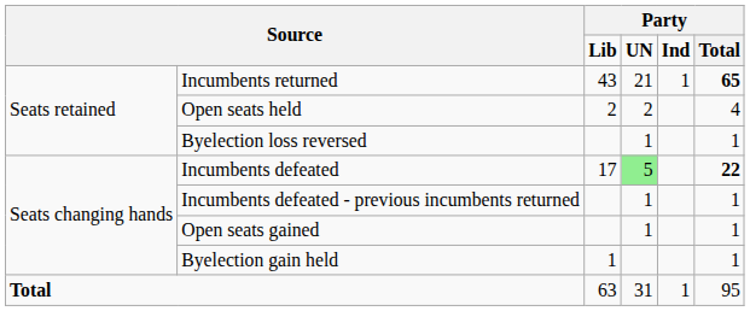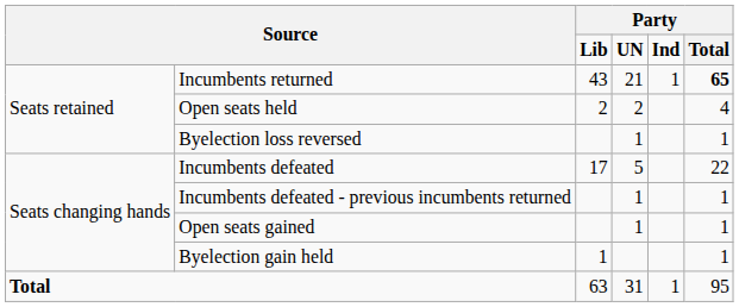 <table class="wikitable" style="text-align:right;">
 <tr>
 <th colspan="2" rowspan="2">Source</th>
 <th colspan="4">Party</th>
 </tr>
 <tr>
 <td><strong>Lib</strong></td>
 <td><strong>UN</strong></td>
 <td><strong>Ind</strong></td>
 <th>Total</th>
 </tr>
 <tr>
 <td rowspan="3" style="text-align:left;">Seats retained</td>
 <td style="text-align:left;">Incumbents returned</td>
 <td>43</td>
 <td>21</td>
 <td>1</td>
 <td><strong>65</strong></td>
 </tr>
 <tr>
 <td style="text-align:left;">Open seats held</td>
 <td>2</td>
 <td>2</td>
 <td></td>
 <td>4</td>
 </tr>
 <tr>
 <td style="text-align:left;">Byelection loss reversed</td>
 <td></td>
 <td>1</td>
 <td></td>
 <td>1</td>
 </tr>
 <tr>
 <td rowspan="4" style="text-align:left;">Seats changing hands</td>
 <td style="text-align:left;">Incumbents defeated</td>
 <td>17</td>
-<td style="background: lightgreen;">5</td>
+<td>5</td>
 <td></td>
-<td><strong>22</strong></td>
+<td>22</td>
 </tr>
 <tr>
 <td style="text-align:left;">Incumbents defeated - previous incumbents returned</td>
 <td></td>
 <td>1</td>
 <td></td>
 <td>1</td>
 </tr>
 <tr>
 <td style="text-align:left;">Open seats gained</td>
 <td></td>
 <td>1</td>
 <td></td>
 <td>1</td>
 </tr>
 <tr>
 <td style="text-align:left;">Byelection gain held</td>
 <td>1</td>
 <td></td>
 <td></td>
 <td>1</td>
 </tr>
 <tr>
 <td colspan="2" style="text-align:left;"><strong>Total</strong></td>
 <td>63</td>
 <td>31</td>
 <td>1</td>
 <td>95</td>
 </tr>
 </table>
